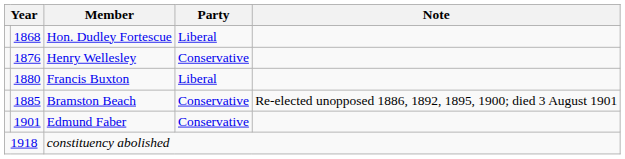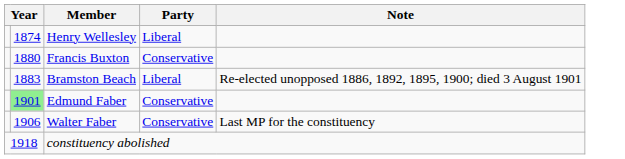 <table class="wikitable">
 <tr>
 <th colspan="2">Year</th>
 <th>Member</th>
 <th>Party</th>
 <th>Note</th>
 </tr>
 <tr>
 <td style="color:inherit;background-color: "></td>
-<td><a href='#'>1868</a></td>
-<td><a href='#'>Hon. Dudley Fortescue</a> </td>
+<td><a href='#'>1874</a></td>
+<td><a href='#'>Henry Wellesley</a> </td>
 <td><a href='#'>Liberal</a></td>
-<td></td>
-</tr>
-<tr>
-<td style="color:inherit;background-color: "></td>
-<td><a href='#'>1876</a></td>
-<td><a href='#'>Henry Wellesley</a> </td>
-<td><a href='#'>Conservative</a></td>
 <td></td>
 </tr>
 <tr>
 <td style="color:inherit;background-color: "></td>
 <td><a href='#'>1880</a></td>
 <td><a href='#'>Francis Buxton</a> </td>
-<td><a href='#'>Liberal</a></td>
+<td><a href='#'>Conservative</a></td>
 <td></td>
 </tr>
 <tr>
 <td style="color:inherit;background-color: "></td>
-<td><a href='#'>1885</a></td>
+<td><a href='#'>1883</a></td>
 <td><a href='#'>Bramston Beach</a> </td>
-<td><a href='#'>Conservative</a></td>
+<td><a href='#'>Liberal</a></td>
 <td>Re-elected unopposed 1886, 1892, 1895, 1900; died 3 August 1901</td>
 </tr>
 <tr>
 <td style="color:inherit;background-color: "></td>
-<td><a href='#'>1901</a></td>
+<td style="background: lightgreen;"><a href='#'>1901</a></td>
 <td><a href='#'>Edmund Faber</a> </td>
 <td><a href='#'>Conservative</a></td>
 <td></td>
+</tr>
+<tr>
+<td style="color:inherit;background-color: "></td>
+<td><a href='#'>1906</a></td>
+<td><a href='#'>Walter Faber</a> </td>
+<td><a href='#'>Conservative</a></td>
+<td>Last MP for the constituency</td>
 </tr>
 <tr>
 <td colspan="2" align="center"><a href='#'>1918</a></td>
 <td colspan="3"><em>constituency abolished</em></td>
 </tr>
 </table>
